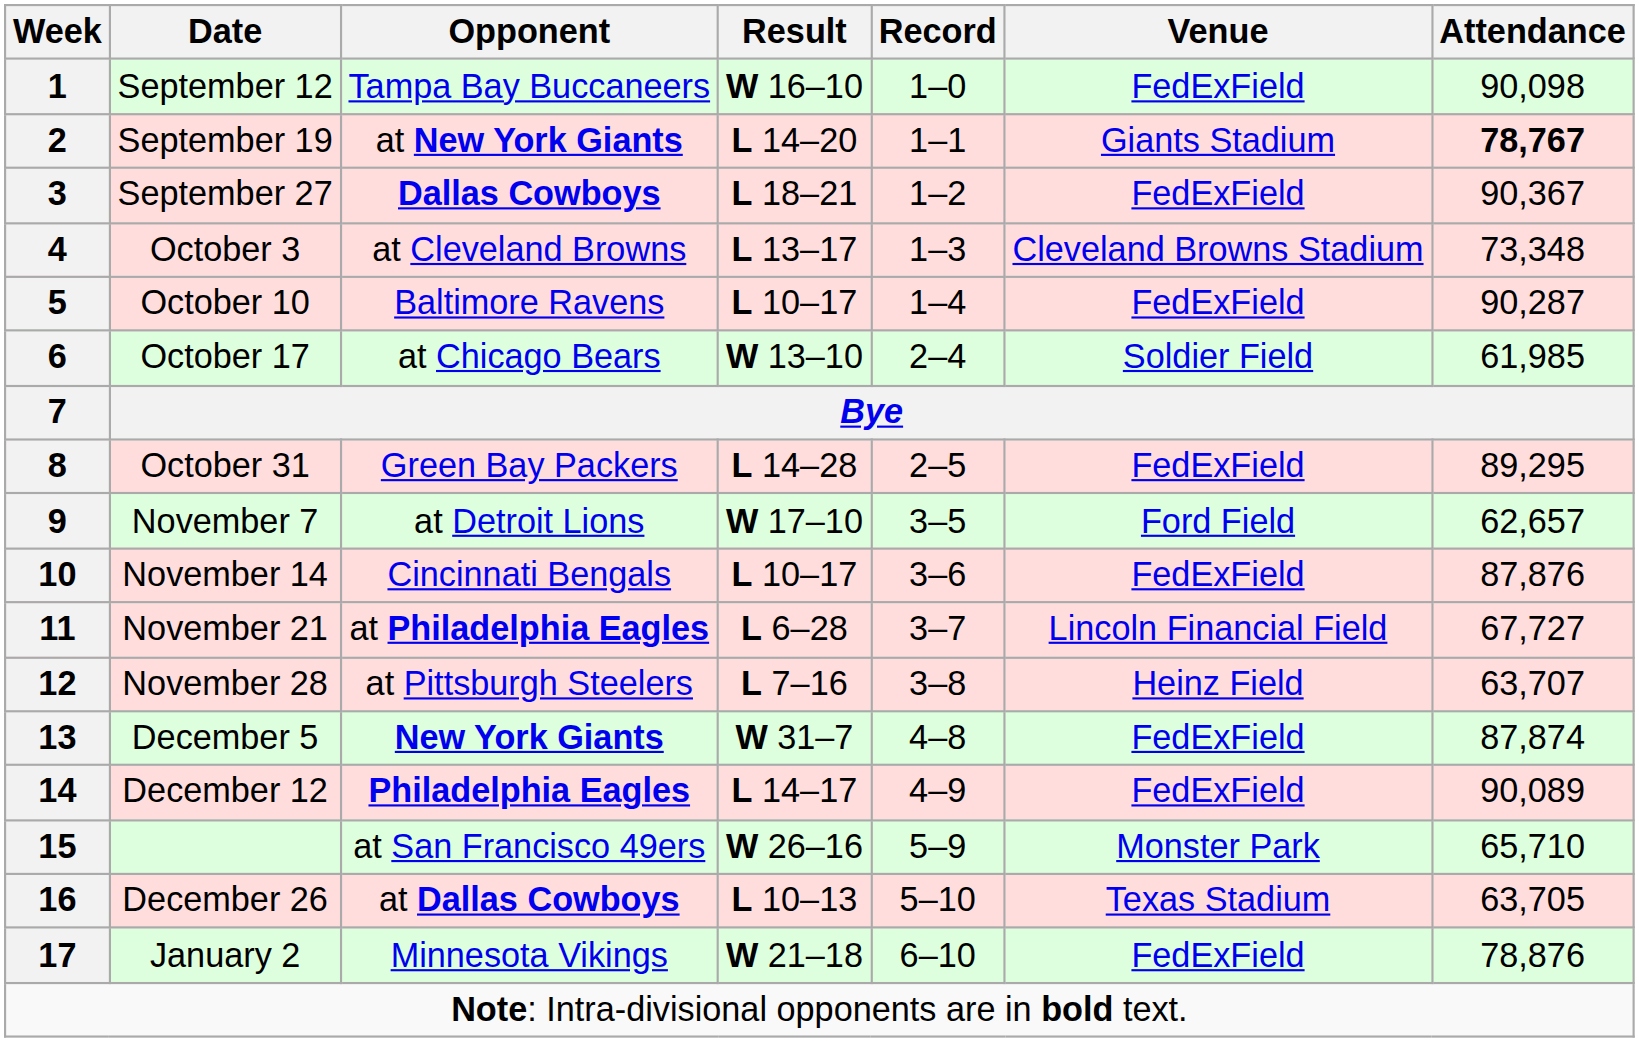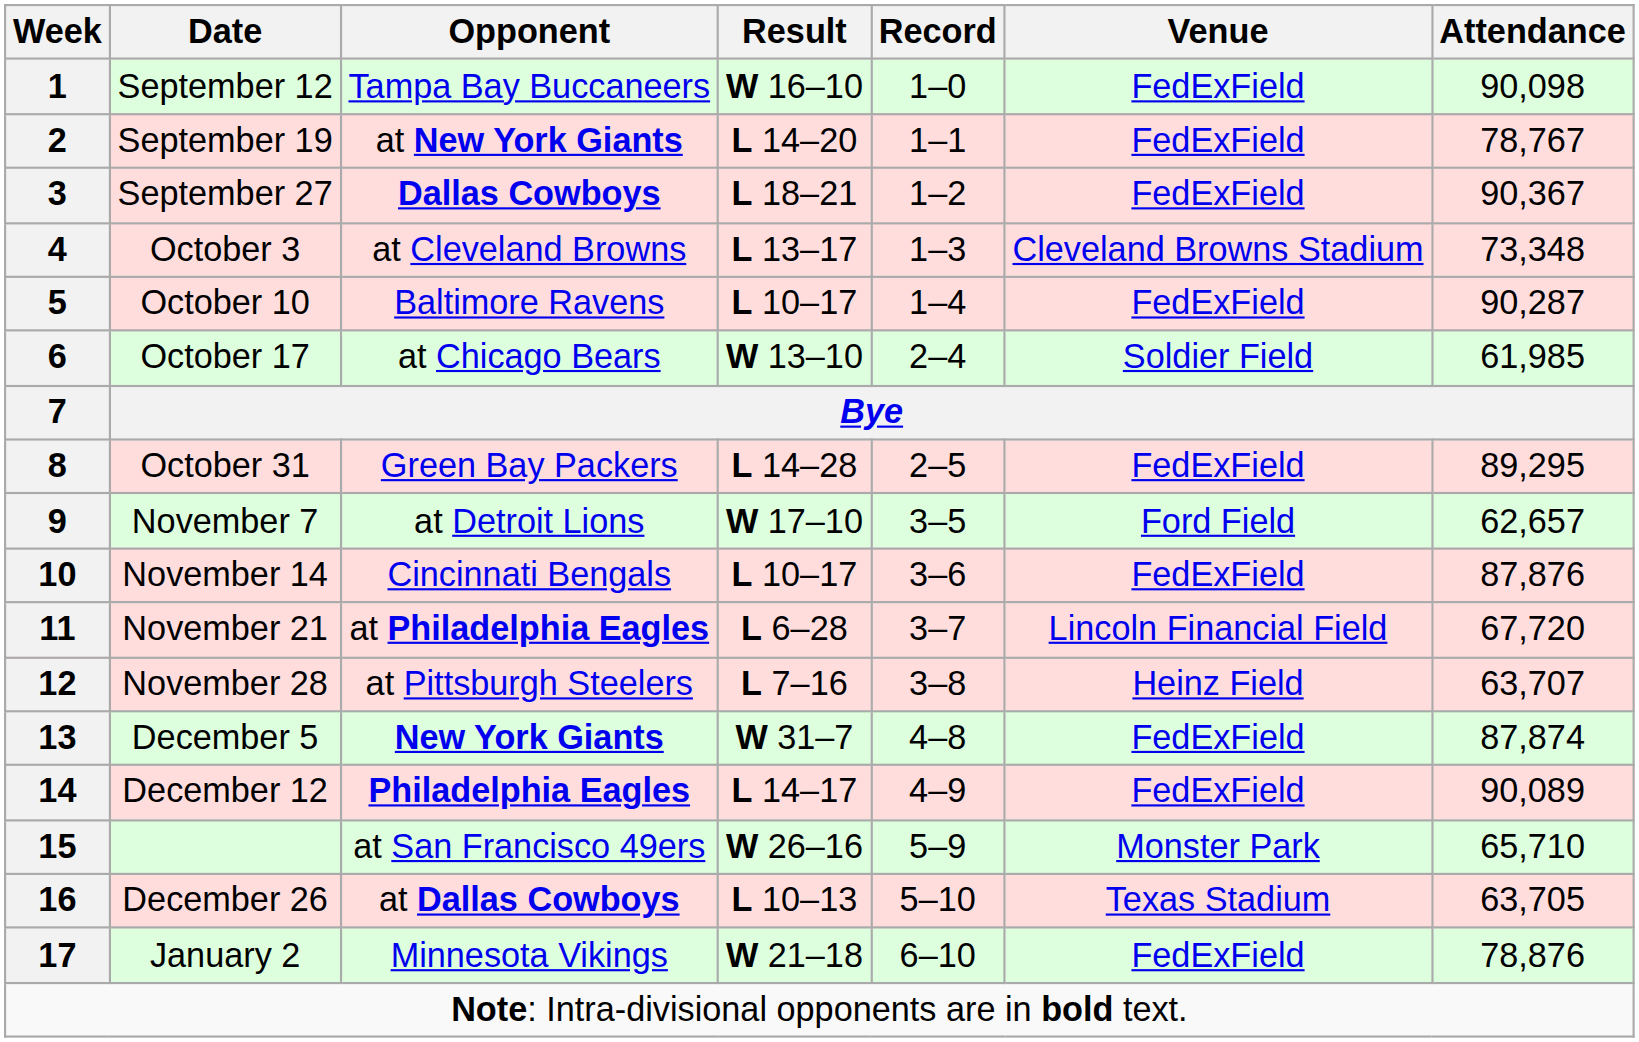 <table class="wikitable" style="text-align:center">
 <tr>
 <th>Week</th>
 <th>Date</th>
 <th>Opponent</th>
 <th>Result</th>
 <th>Record</th>
 <th>Venue</th>
 <th>Attendance</th>
 </tr>
 <tr style="background:#ddffdd">
 <th>1</th>
 <td>September 12</td>
 <td><a href='#'>Tampa Bay Buccaneers</a></td>
 <td><strong>W</strong> 16–10</td>
 <td>1–0</td>
 <td><a href='#'>FedExField</a></td>
 <td>90,098</td>
 </tr>
 <tr style="background:#ffdddd">
 <th>2</th>
 <td>September 19</td>
 <td>at <strong><a href='#'>New York Giants</a></strong></td>
 <td><strong>L</strong> 14–20</td>
 <td>1–1</td>
-<td><a href='#'>Giants Stadium</a></td>
-<td><strong>78,767</strong></td>
+<td><a href='#'>FedExField</a></td>
+<td>78,767</td>
 </tr>
 <tr style="background:#ffdddd">
 <th>3</th>
 <td>September 27</td>
 <td><strong><a href='#'>Dallas Cowboys</a></strong></td>
 <td><strong>L</strong> 18–21</td>
 <td>1–2</td>
 <td><a href='#'>FedExField</a></td>
 <td>90,367</td>
 </tr>
 <tr style="background:#ffdddd">
 <th>4</th>
 <td>October 3</td>
 <td>at <a href='#'>Cleveland Browns</a></td>
 <td><strong>L</strong> 13–17</td>
 <td>1–3</td>
 <td><a href='#'>Cleveland Browns Stadium</a></td>
 <td>73,348</td>
 </tr>
 <tr style="background:#ffdddd">
 <th>5</th>
 <td>October 10</td>
 <td><a href='#'>Baltimore Ravens</a></td>
 <td><strong>L</strong> 10–17</td>
 <td>1–4</td>
 <td><a href='#'>FedExField</a></td>
 <td>90,287</td>
 </tr>
 <tr style="background:#ddffdd">
 <th>6</th>
 <td>October 17</td>
 <td>at <a href='#'>Chicago Bears</a></td>
 <td><strong>W</strong> 13–10</td>
 <td>2–4</td>
 <td><a href='#'>Soldier Field</a></td>
 <td>61,985</td>
 </tr>
 <tr>
 <th>7</th>
 <th colspan="6"><em><a href='#'>Bye</a></em></th>
 </tr>
 <tr style="background:#ffdddd">
 <th>8</th>
 <td>October 31</td>
 <td><a href='#'>Green Bay Packers</a></td>
 <td><strong>L</strong> 14–28</td>
 <td>2–5</td>
 <td><a href='#'>FedExField</a></td>
 <td>89,295</td>
 </tr>
 <tr style="background:#ddffdd">
 <th>9</th>
 <td>November 7</td>
 <td>at <a href='#'>Detroit Lions</a></td>
 <td><strong>W</strong> 17–10</td>
 <td>3–5</td>
 <td><a href='#'>Ford Field</a></td>
 <td>62,657</td>
 </tr>
 <tr style="background:#ffdddd">
 <th>10</th>
 <td>November 14</td>
 <td><a href='#'>Cincinnati Bengals</a></td>
 <td><strong>L</strong> 10–17</td>
 <td>3–6</td>
 <td><a href='#'>FedExField</a></td>
 <td>87,876</td>
 </tr>
 <tr style="background:#ffdddd">
 <th>11</th>
 <td>November 21</td>
 <td>at <strong><a href='#'>Philadelphia Eagles</a></strong></td>
 <td><strong>L</strong> 6–28</td>
 <td>3–7</td>
 <td><a href='#'>Lincoln Financial Field</a></td>
-<td>67,727</td>
+<td>67,720</td>
 </tr>
 <tr style="background:#ffdddd">
 <th>12</th>
 <td>November 28</td>
 <td>at <a href='#'>Pittsburgh Steelers</a></td>
 <td><strong>L</strong> 7–16</td>
 <td>3–8</td>
 <td><a href='#'>Heinz Field</a></td>
 <td>63,707</td>
 </tr>
 <tr style="background:#ddffdd">
 <th>13</th>
 <td>December 5</td>
 <td><strong><a href='#'>New York Giants</a></strong></td>
 <td><strong>W</strong> 31–7</td>
 <td>4–8</td>
 <td><a href='#'>FedExField</a></td>
 <td>87,874</td>
 </tr>
 <tr style="background:#ffdddd">
 <th>14</th>
 <td>December 12</td>
 <td><strong><a href='#'>Philadelphia Eagles</a></strong></td>
 <td><strong>L</strong> 14–17</td>
 <td>4–9</td>
 <td><a href='#'>FedExField</a></td>
 <td>90,089</td>
 </tr>
 <tr style="background:#ddffdd">
 <th>15</th>
 <td></td>
 <td>at <a href='#'>San Francisco 49ers</a></td>
 <td><strong>W</strong> 26–16</td>
 <td>5–9</td>
 <td><a href='#'>Monster Park</a></td>
 <td>65,710</td>
 </tr>
 <tr style="background:#ffdddd">
 <th>16</th>
 <td>December 26</td>
 <td>at <strong><a href='#'>Dallas Cowboys</a></strong></td>
 <td><strong>L</strong> 10–13</td>
 <td>5–10</td>
 <td><a href='#'>Texas Stadium</a></td>
 <td>63,705</td>
 </tr>
 <tr style="background:#ddffdd">
 <th>17</th>
 <td>January 2</td>
 <td><a href='#'>Minnesota Vikings</a></td>
 <td><strong>W</strong> 21–18</td>
 <td>6–10</td>
 <td><a href='#'>FedExField</a></td>
 <td>78,876</td>
 </tr>
 <tr>
 <td colspan="7"><strong>Note</strong>: Intra-divisional opponents are in <strong>bold</strong> text.</td>
 </tr>
 </table>
